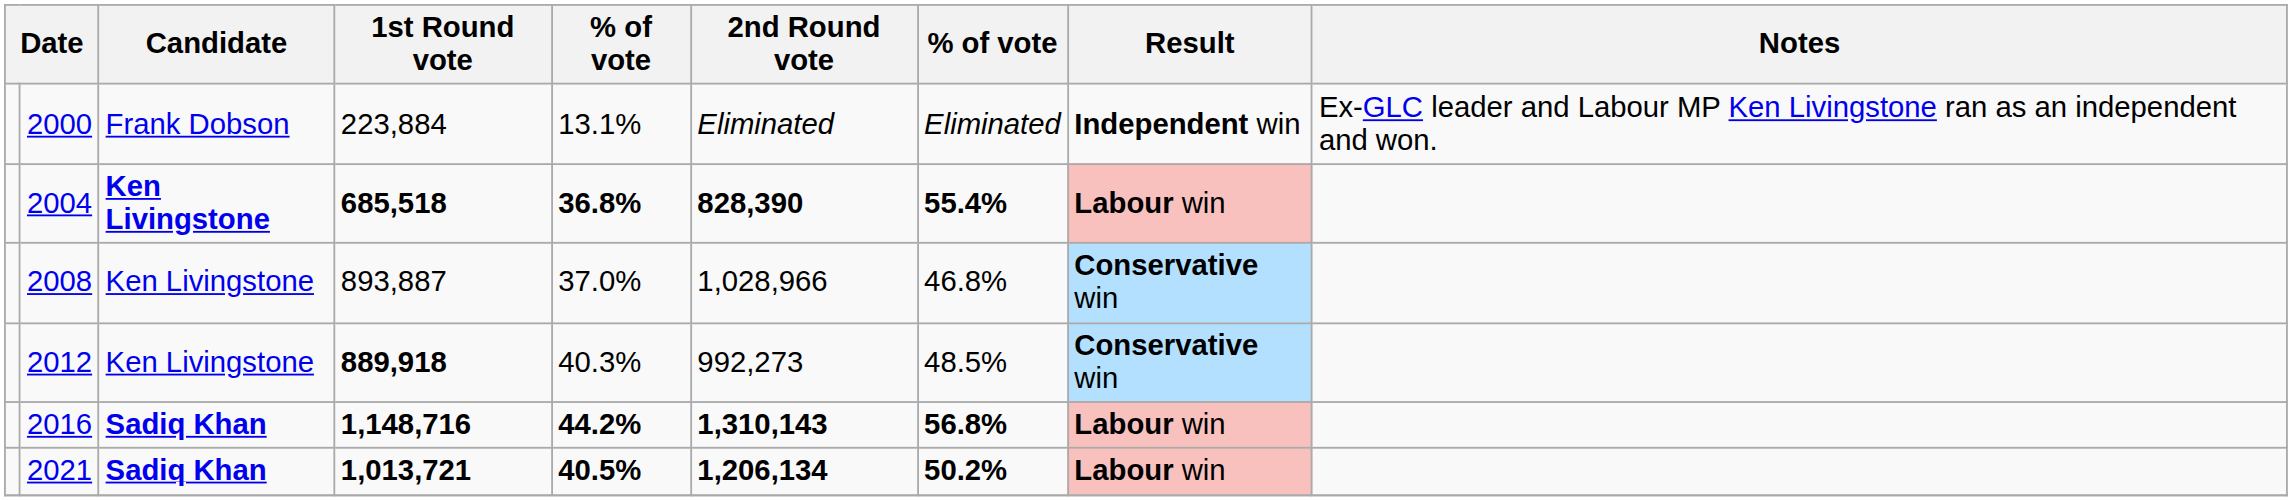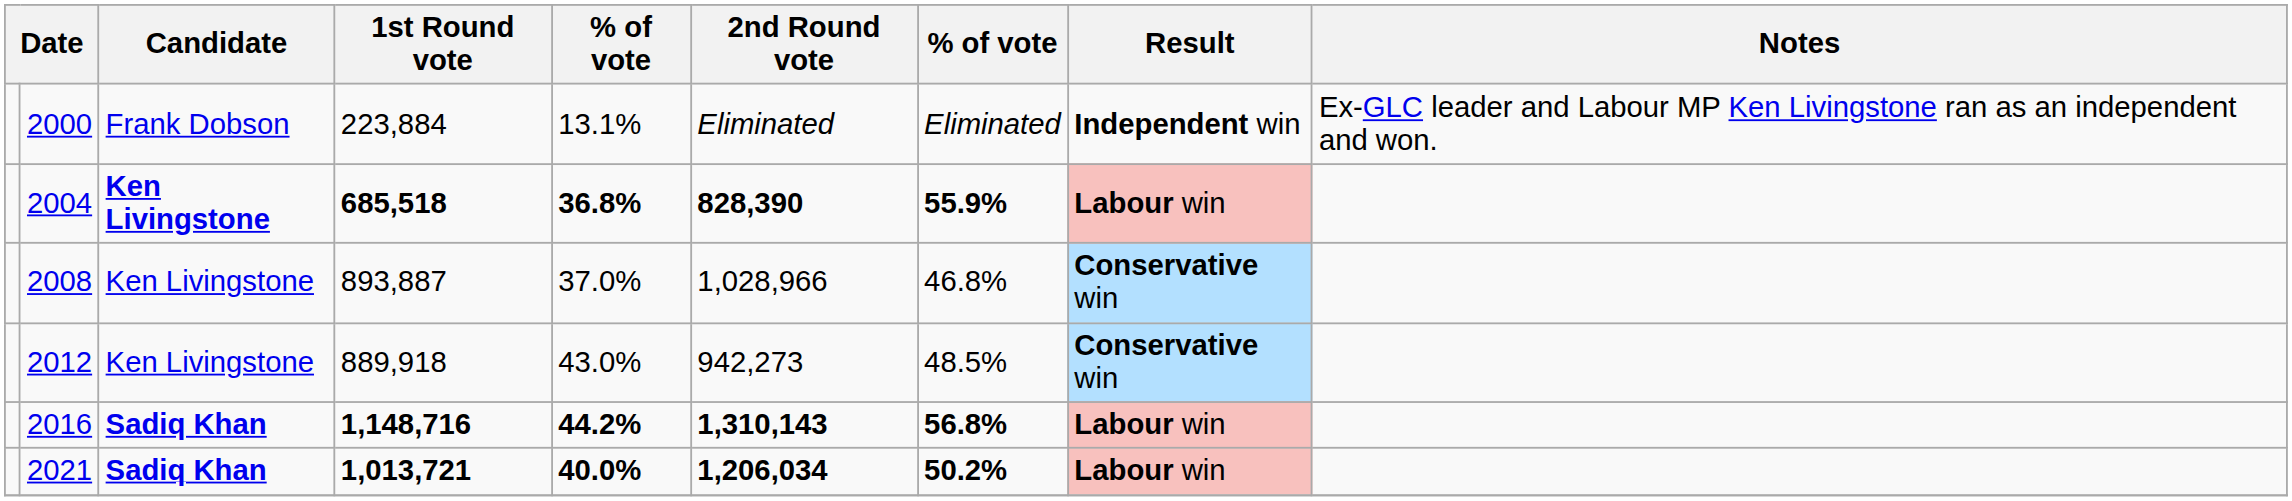 <table class="wikitable sortable" style="text-align: left">
 <tr>
 <th colspan="2">Date</th>
 <th>Candidate</th>
 <th>1st Round vote</th>
 <th>% of vote</th>
 <th>2nd Round vote</th>
 <th>% of vote</th>
 <th>Result</th>
 <th>Notes</th>
 </tr>
 <tr>
 <td width="1" style="color:inherit;background:"></td>
 <td><a href='#'>2000</a></td>
 <td><a href='#'>Frank Dobson</a></td>
 <td>223,884</td>
 <td>13.1%</td>
 <td><em>Eliminated</em></td>
 <td><em>Eliminated</em></td>
 <td><strong>Independent</strong> win</td>
 <td>Ex-<a href='#'>GLC</a> leader and Labour MP <a href='#'>Ken Livingstone</a> ran as an independent and won.</td>
 </tr>
 <tr>
 <td width="1" style="color:inherit;background:"></td>
 <td><a href='#'>2004</a></td>
 <td><strong><a href='#'>Ken Livingstone</a></strong></td>
 <td><strong>685,518</strong></td>
 <td><strong>36.8%</strong></td>
 <td><strong>828,390</strong></td>
-<td><strong>55.4%</strong></td>
+<td><strong>55.9%</strong></td>
 <td bgcolor=#F8C1BE><strong>Labour</strong> win</td>
 <td></td>
 </tr>
 <tr>
 <td width="1" style="color:inherit;background:"></td>
 <td><a href='#'>2008</a></td>
 <td><a href='#'>Ken Livingstone</a></td>
 <td>893,887</td>
 <td>37.0%</td>
 <td>1,028,966</td>
 <td>46.8%</td>
 <td bgcolor=#B3E0FF><strong>Conservative</strong> win</td>
 <td></td>
 </tr>
 <tr>
 <td width="1" style="color:inherit;background:"></td>
 <td><a href='#'>2012</a></td>
 <td><a href='#'>Ken Livingstone</a></td>
-<td><strong>889,918</strong></td>
-<td>40.3%</td>
-<td>992,273</td>
+<td>889,918</td>
+<td>43.0%</td>
+<td>942,273</td>
 <td>48.5%</td>
 <td bgcolor=#B3E0FF><strong>Conservative</strong> win</td>
 <td></td>
 </tr>
 <tr>
 <td width="1" style="color:inherit;background:"></td>
 <td><a href='#'>2016</a></td>
 <td><strong><a href='#'>Sadiq Khan</a></strong></td>
 <td><strong>1,148,716</strong></td>
 <td><strong>44.2%</strong></td>
 <td><strong>1,310,143</strong></td>
 <td><strong>56.8%</strong></td>
 <td bgcolor=#F8C1BE><strong>Labour</strong> win</td>
 <td></td>
 </tr>
 <tr>
 <td width="1" style="color:inherit;background:"></td>
 <td><a href='#'>2021</a></td>
 <td><strong><a href='#'>Sadiq Khan</a></strong></td>
 <td><strong>1,013,721</strong></td>
-<td><strong>40.5%</strong></td>
-<td><strong>1,206,134</strong></td>
+<td><strong>40.0%</strong></td>
+<td><strong>1,206,034</strong></td>
 <td><strong>50.2%</strong></td>
 <td bgcolor=#F8C1BE><strong>Labour</strong> win</td>
 <td></td>
 </tr>
 <tr>
 </tr>
 </table>
